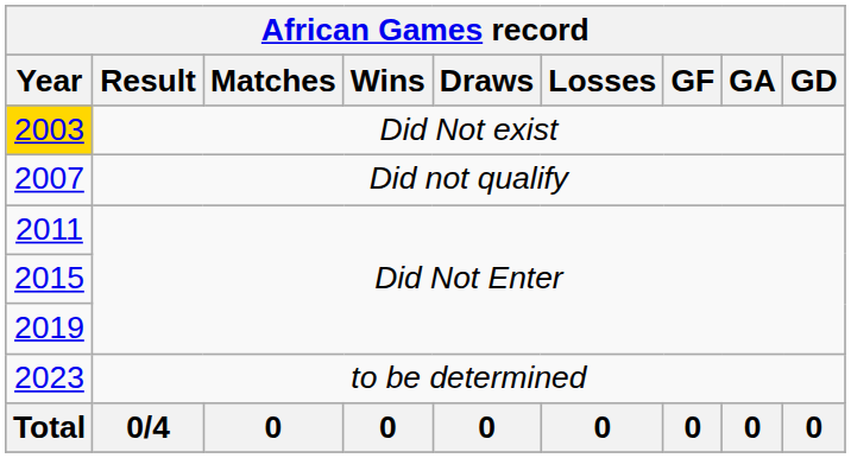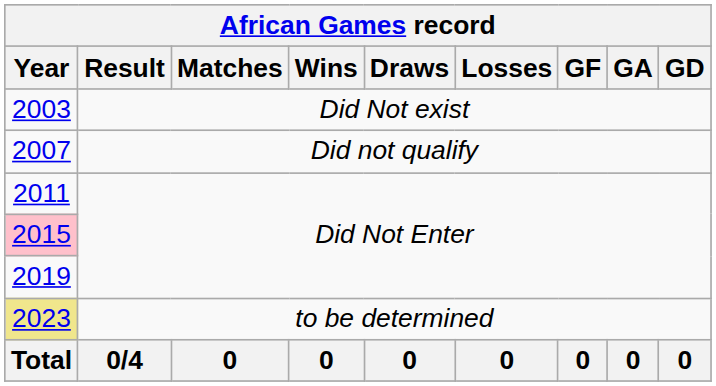 <table class="wikitable" style="text-align: center;">
 <tr>
 <th colspan=9><a href='#'>African Games</a> record</th>
 </tr>
 <tr>
 <th>Year</th>
 <th>Result</th>
 <th>Matches</th>
 <th>Wins</th>
 <th>Draws</th>
 <th>Losses</th>
 <th>GF</th>
 <th>GA</th>
 <th>GD</th>
 </tr>
 <tr>
-<td style="background: gold;"> <a href='#'>2003</a></td>
+<td> <a href='#'>2003</a></td>
 <td colspan=8><em>Did Not exist</em></td>
 </tr>
 <tr>
 <td> <a href='#'>2007</a></td>
 <td colspan=8><em>Did not qualify</em></td>
 </tr>
 <tr>
 <td> <a href='#'>2011</a></td>
 <td colspan=8 rowspan=3><em>Did Not Enter</em></td>
 </tr>
 <tr>
-<td> <a href='#'>2015</a></td>
+<td style="background: pink;"> <a href='#'>2015</a></td>
 </tr>
 <tr>
 <td> <a href='#'>2019</a></td>
 </tr>
 <tr>
-<td> <a href='#'>2023</a></td>
+<td style="background: khaki;"> <a href='#'>2023</a></td>
 <td colspan=8><em>to be determined</em></td>
 </tr>
 <tr>
 <th>Total</th>
 <th>0/4</th>
 <th>0</th>
 <th>0</th>
 <th>0</th>
 <th>0</th>
 <th>0</th>
 <th>0</th>
 <th>0</th>
 </tr>
 </table>
